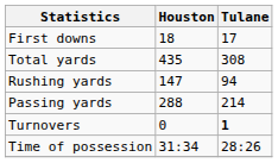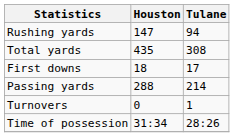 <table class="wikitable">
 <tr>
 <th>Statistics</th>
 <th>Houston</th>
 <th>Tulane</th>
 </tr>
 <tr>
-<td>First downs</td>
-<td>18</td>
-<td>17</td>
+<td>Rushing yards</td>
+<td>147</td>
+<td>94</td>
 </tr>
 <tr>
 <td>Total yards</td>
 <td>435</td>
 <td>308</td>
 </tr>
 <tr>
-<td>Rushing yards</td>
-<td>147</td>
-<td>94</td>
+<td>First downs</td>
+<td>18</td>
+<td>17</td>
 </tr>
 <tr>
 <td>Passing yards</td>
 <td>288</td>
 <td>214</td>
 </tr>
 <tr>
 <td>Turnovers</td>
 <td>0</td>
-<td><strong>1</strong></td>
+<td>1</td>
 </tr>
 <tr>
 <td>Time of possession</td>
 <td>31:34</td>
 <td>28:26</td>
 </tr>
 <tr>
 </tr>
 </table>
